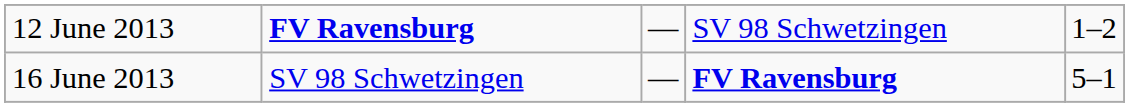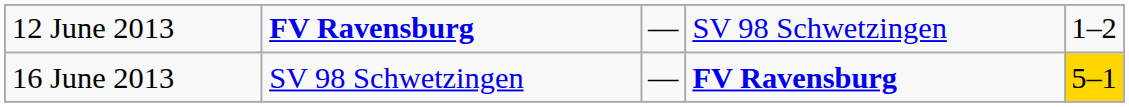 <table class="wikitable">
 <tr>
 <td style="width: 8em;">12 June 2013</td>
 <td style="width: 12em;"><strong><a href='#'>FV Ravensburg</a></strong></td>
 <td style="text-align: center;">—</td>
 <td style="width: 12em;"><a href='#'>SV 98 Schwetzingen</a></td>
 <td>1–2</td>
 </tr>
 <tr>
 <td>16 June 2013</td>
 <td><a href='#'>SV 98 Schwetzingen</a></td>
 <td style="text-align: center;">—</td>
 <td><strong><a href='#'>FV Ravensburg</a></strong></td>
-<td>5–1</td>
+<td style="background: gold;">5–1</td>
 </tr>
 </table>
